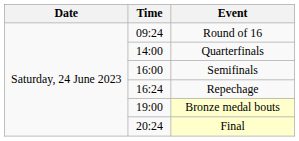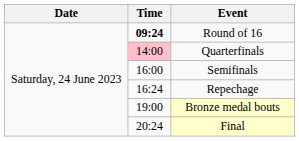 <table class = "wikitable" style="text-align:center;">
 <tr>
 <th width=160>Date</th>
 <th width=50>Time</th>
 <th width=160>Event</th>
 </tr>
 <tr>
 <td rowspan=6>Saturday, 24 June 2023</td>
-<td>09:24</td>
+<td><strong>09:24</strong></td>
 <td>Round of 16</td>
 </tr>
 <tr>
-<td>14:00</td>
+<td style="background: pink;">14:00</td>
 <td>Quarterfinals</td>
 </tr>
 <tr>
 <td>16:00</td>
 <td>Semifinals</td>
 </tr>
 <tr>
 <td>16:24</td>
 <td>Repechage</td>
 </tr>
 <tr>
 <td>19:00</td>
 <td bgcolor=ffffcc>Bronze medal bouts</td>
 </tr>
 <tr>
 <td>20:24</td>
 <td bgcolor=ffffcc>Final</td>
 </tr>
 </table>
